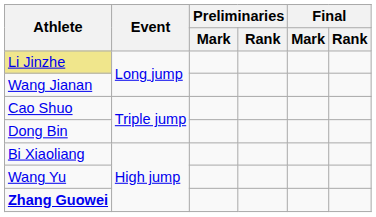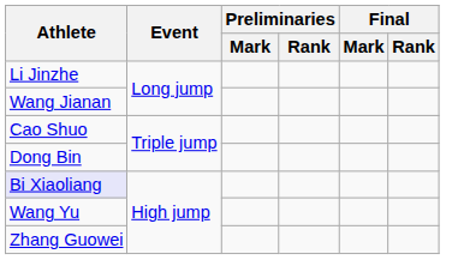 <table class=wikitable style="font-size:90%;">
 <tr>
 <th rowspan="2">Athlete</th>
 <th rowspan="2">Event</th>
 <th colspan="2">Preliminaries</th>
 <th colspan="2">Final</th>
 </tr>
 <tr>
 <th>Mark</th>
 <th>Rank</th>
 <th>Mark</th>
 <th>Rank</th>
 </tr>
 <tr style="border-top: single;">
-<td style="background: khaki;"><a href='#'>Li Jinzhe</a></td>
+<td><a href='#'>Li Jinzhe</a></td>
 <td rowspan=2><a href='#'>Long jump</a></td>
 <td align=center></td>
 <td align=center></td>
 <td align=center></td>
 <td align=center></td>
 </tr>
 <tr>
 <td><a href='#'>Wang Jianan</a></td>
 <td align=center></td>
 <td align=center></td>
 <td align=center></td>
 <td align=center></td>
 </tr>
 <tr>
 <td><a href='#'>Cao Shuo</a></td>
 <td rowspan=2><a href='#'>Triple jump</a></td>
 <td align=center></td>
 <td align=center></td>
 <td align=center></td>
 <td align=center></td>
 </tr>
 <tr>
 <td><a href='#'>Dong Bin</a></td>
 <td align=center></td>
 <td align=center></td>
 <td align=center></td>
 <td align=center></td>
 </tr>
 <tr>
-<td><a href='#'>Bi Xiaoliang</a></td>
+<td style="background: lavender;"><a href='#'>Bi Xiaoliang</a></td>
 <td rowspan=3><a href='#'>High jump</a></td>
 <td align=center></td>
 <td align=center></td>
 <td align=center></td>
 <td align=center></td>
 </tr>
 <tr>
 <td><a href='#'>Wang Yu</a></td>
 <td align=center></td>
 <td align=center></td>
 <td align=center></td>
 <td align=center></td>
 </tr>
 <tr>
-<td><strong><a href='#'>Zhang Guowei</a></strong></td>
+<td><a href='#'>Zhang Guowei</a></td>
 <td align=center></td>
 <td align=center></td>
 <td align=center></td>
 <td align=center></td>
 </tr>
 </table>
